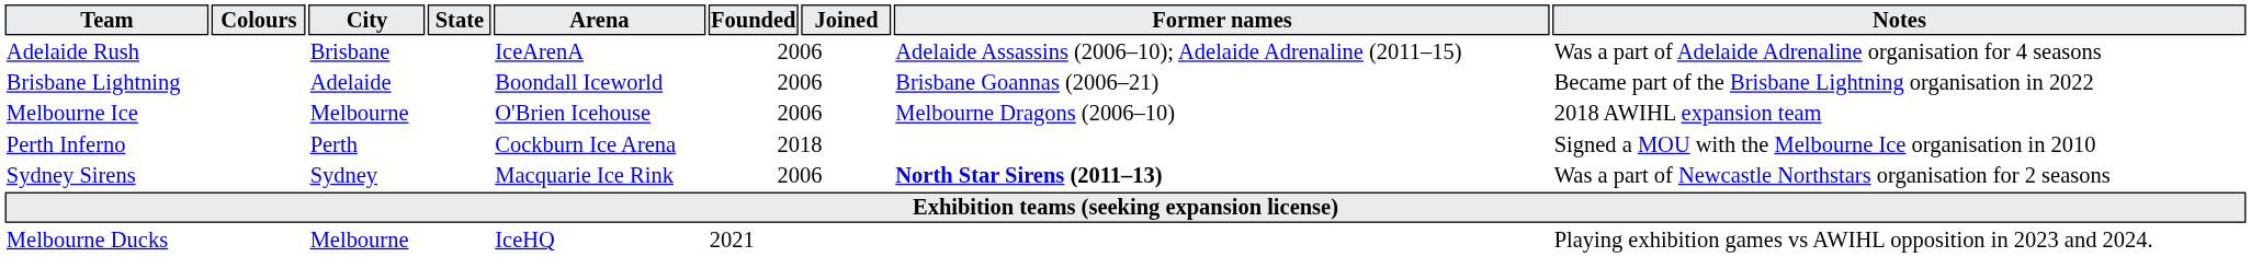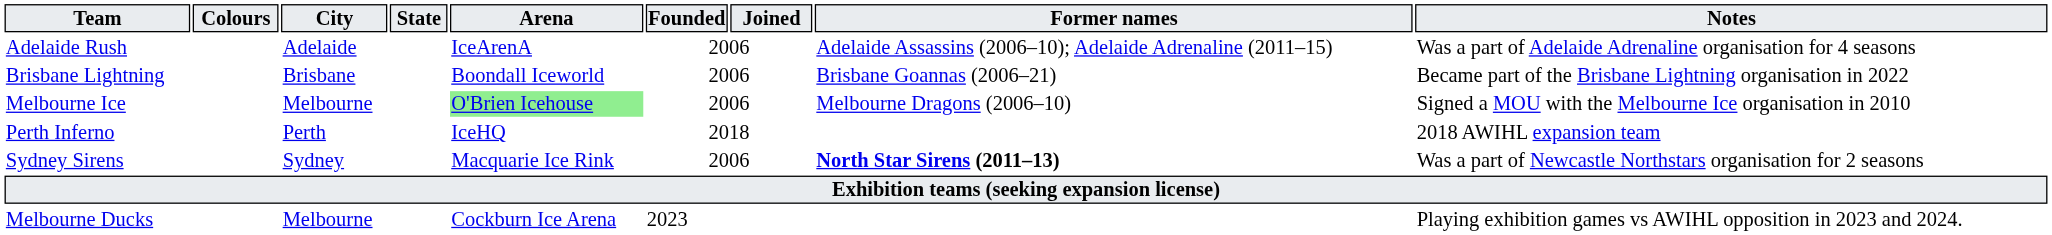 <table class="toccolours" style="width:100em">
 <tr>
 </tr>
 <tr>
 <th style="background:#e9ecef;color:black;border:#000000 1px solid">Team</th>
 <th style="background:#e9ecef;color:black;border:#000000 1px solid">Colours</th>
 <th style="background:#e9ecef;color:black;border:#000000 1px solid">City</th>
 <th style="background:#e9ecef;color:black;border:#000000 1px solid">State</th>
 <th style="background:#e9ecef;color:black;border:#000000 1px solid">Arena</th>
 <th style="background:#e9ecef;color:black;border:#000000 1px solid; width: 60px">Founded</th>
 <th style="background:#e9ecef;color:black;border:#000000 1px solid; width: 60px">Joined</th>
 <th style="background:#e9ecef;color:black;border:#000000 1px solid">Former names</th>
 <th style="background:#e9ecef;color:black;border:#000000 1px solid">Notes</th>
 </tr>
 <tr>
 <td><a href='#'>Adelaide Rush</a></td>
 <td align=center> </td>
-<td><a href='#'>Brisbane</a></td>
+<td><a href='#'>Adelaide</a></td>
 <td align=center></td>
 <td><a href='#'>IceArenA</a></td>
 <td colspan=2 style="text-align:center;">2006</td>
 <td><a href='#'>Adelaide Assassins</a> (2006–10); <a href='#'>Adelaide Adrenaline</a> (2011–15)</td>
 <td>Was a part of <a href='#'>Adelaide Adrenaline</a> organisation for 4 seasons</td>
 </tr>
 <tr>
 <td><a href='#'>Brisbane Lightning</a></td>
 <td align=center> </td>
-<td><a href='#'>Adelaide</a></td>
+<td><a href='#'>Brisbane</a></td>
 <td align=center></td>
 <td><a href='#'>Boondall Iceworld</a></td>
 <td colspan=2 style="text-align:center;">2006</td>
 <td><a href='#'>Brisbane Goannas</a> (2006–21)</td>
 <td>Became part of the <a href='#'>Brisbane Lightning</a> organisation in 2022</td>
 </tr>
 <tr>
 <td><a href='#'>Melbourne Ice</a></td>
 <td align=center> </td>
 <td><a href='#'>Melbourne</a></td>
 <td align=center></td>
-<td><a href='#'>O'Brien Icehouse</a></td>
+<td style="background: lightgreen;"><a href='#'>O'Brien Icehouse</a></td>
 <td colspan=2 style="text-align:center;">2006</td>
 <td><a href='#'>Melbourne Dragons</a> (2006–10)</td>
-<td>2018 AWIHL <a href='#'>expansion team</a></td>
+<td>Signed a <a href='#'>MOU</a> with the <a href='#'>Melbourne Ice</a> organisation in 2010</td>
 </tr>
 <tr>
 <td><a href='#'>Perth Inferno</a></td>
 <td align=center> </td>
 <td><a href='#'>Perth</a></td>
 <td align=center></td>
-<td><a href='#'>Cockburn Ice Arena</a></td>
+<td><a href='#'>IceHQ</a></td>
 <td colspan=2 style="text-align:center;">2018</td>
 <td></td>
-<td>Signed a <a href='#'>MOU</a> with the <a href='#'>Melbourne Ice</a> organisation in 2010</td>
+<td>2018 AWIHL <a href='#'>expansion team</a></td>
 </tr>
 <tr>
 <td><a href='#'>Sydney Sirens</a></td>
 <td align=center> </td>
 <td><a href='#'>Sydney</a></td>
 <td align=center></td>
 <td><a href='#'>Macquarie Ice Rink</a></td>
 <td colspan=2 style="text-align:center;">2006</td>
 <td><strong><a href='#'>North Star Sirens</a> (2011–13)</strong></td>
 <td>Was a part of <a href='#'>Newcastle Northstars</a> organisation for 2 seasons</td>
 </tr>
 <tr>
 <th style="background:#e9ecef;color:black;border:black 1px solid;align:center"colspan="9">Exhibition teams (seeking expansion license)</th>
 </tr>
 <tr>
 <td><a href='#'>Melbourne Ducks</a></td>
 <td align=center> </td>
 <td><a href='#'>Melbourne</a></td>
 <td align=center></td>
-<td><a href='#'>IceHQ</a></td>
-<td>2021</td>
+<td><a href='#'>Cockburn Ice Arena</a></td>
+<td>2023</td>
 <td></td>
 <td></td>
 <td>Playing exhibition games vs AWIHL opposition in 2023 and 2024.</td>
 </tr>
 <tr>
 </tr>
 </table>
